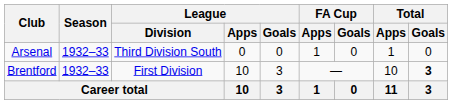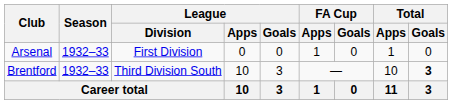 <table class="wikitable" style="text-align: center;">
 <tr>
 <th rowspan="2">Club</th>
 <th rowspan="2">Season</th>
 <th colspan="3">League</th>
 <th colspan="2">FA Cup</th>
 <th colspan="2">Total</th>
 </tr>
 <tr>
 <th>Division</th>
 <th>Apps</th>
 <th>Goals</th>
 <th>Apps</th>
 <th>Goals</th>
 <th>Apps</th>
 <th>Goals</th>
 </tr>
 <tr>
 <td><a href='#'>Arsenal</a></td>
 <td><a href='#'>1932–33</a></td>
-<td><a href='#'>Third Division South</a></td>
+<td><a href='#'>First Division</a></td>
 <td>0</td>
 <td>0</td>
 <td>1</td>
 <td>0</td>
 <td>1</td>
 <td>0</td>
 </tr>
 <tr>
 <td><a href='#'>Brentford</a></td>
 <td><a href='#'>1932–33</a></td>
-<td><a href='#'>First Division</a></td>
+<td><a href='#'>Third Division South</a></td>
 <td>10</td>
 <td>3</td>
 <td colspan="2"><em>—</em></td>
 <td>10</td>
 <td><strong>3</strong></td>
 </tr>
 <tr>
 <th colspan="3">Career total</th>
 <th>10</th>
 <th>3</th>
 <th>1</th>
 <th>0</th>
 <th>11</th>
 <th>3</th>
 </tr>
 </table>
